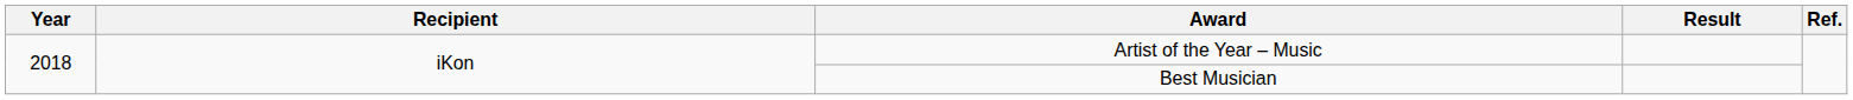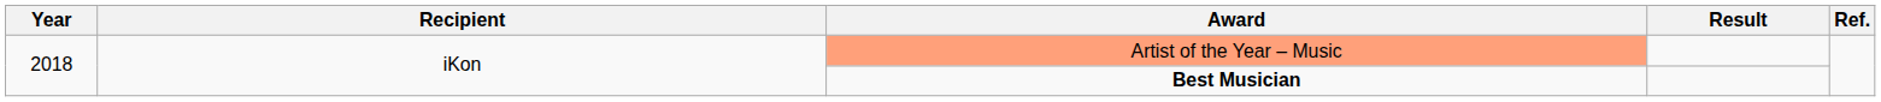 <table class="wikitable" style="text-align:center">
 <tr>
 <th width=5%>Year</th>
 <th style="width:40%;">Recipient</th>
 <th style="width:45%;">Award</th>
 <th style="width:10%;">Result</th>
 <th style="width:5%;">Ref.</th>
 </tr>
 <tr>
 <td rowspan="2">2018</td>
 <td rowspan="2">iKon</td>
-<td>Artist of the Year – Music</td>
+<td style="background: lightsalmon;">Artist of the Year – Music</td>
 <td></td>
 <td rowspan="2"></td>
 </tr>
 <tr>
-<td>Best Musician</td>
+<td><strong>Best Musician</strong></td>
 <td></td>
 </tr>
 </table>
